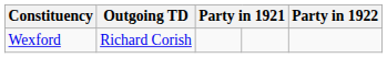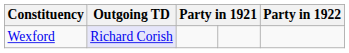 <table class=wikitable>
 <tr>
 <th>Constituency</th>
 <th>Outgoing TD</th>
 <th colspan=2>Party in 1921</th>
 <th colspan=2>Party in 1922</th>
 </tr>
 <tr>
 <td><a href='#'>Wexford</a></td>
-<td><a href='#'>Richard Corish</a></td>
+<td style="background: lavender;"><a href='#'>Richard Corish</a></td>
 <td></td>
 <td></td>
 </tr>
 </table>
